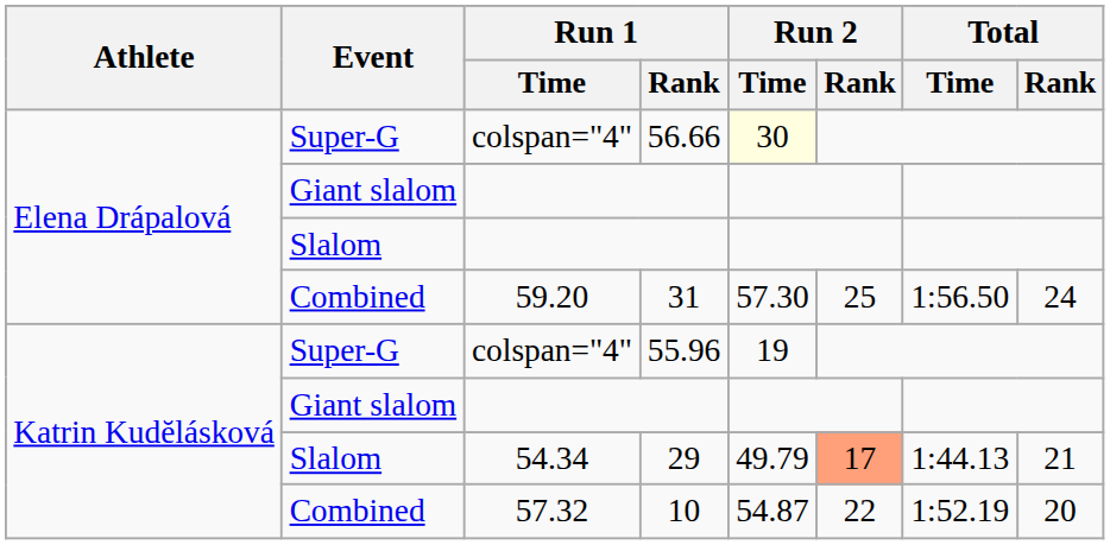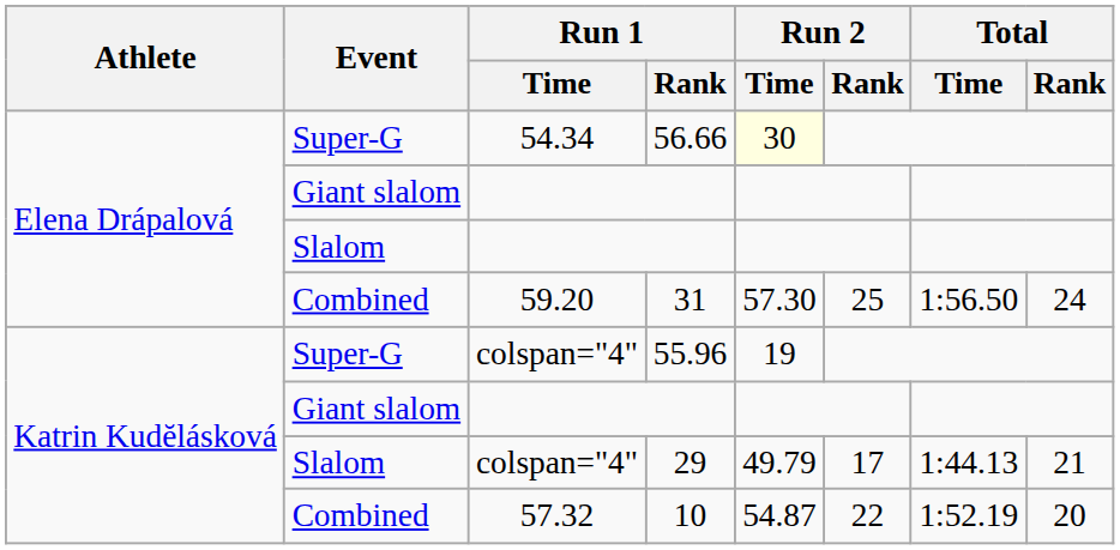 <table class="wikitable" style="font-size:90%">
 <tr>
 <th rowspan=2>Athlete</th>
 <th rowspan=2>Event</th>
 <th colspan=2>Run 1</th>
 <th colspan=2>Run 2</th>
 <th colspan=2>Total</th>
 </tr>
 <tr style="font-size:95%">
 <th>Time</th>
 <th>Rank</th>
 <th>Time</th>
 <th>Rank</th>
 <th>Time</th>
 <th>Rank</th>
 </tr>
 <tr align=center>
 <td align="left" rowspan="4"><a href='#'>Elena Drápalová</a></td>
 <td align="left"><a href='#'>Super-G</a></td>
-<td>colspan="4"</td>
+<td>54.34</td>
 <td>56.66</td>
 <td style="background: lightyellow;">30</td>
 </tr>
 <tr align=center>
 <td align="left"><a href='#'>Giant slalom</a></td>
 <td colspan="2"></td>
 <td colspan="2"></td>
 <td colspan="2"></td>
 </tr>
 <tr align=center>
 <td align="left"><a href='#'>Slalom</a></td>
 <td colspan="2"></td>
 <td colspan="2"></td>
 <td colspan="2"></td>
 </tr>
 <tr align=center>
 <td align="left"><a href='#'>Combined</a></td>
 <td>59.20</td>
 <td>31</td>
 <td>57.30</td>
 <td>25</td>
 <td>1:56.50</td>
 <td>24</td>
 </tr>
 <tr align=center>
 <td align="left" rowspan="4"><a href='#'>Katrin Kudĕlásková</a></td>
 <td align="left"><a href='#'>Super-G</a></td>
 <td>colspan="4" </td>
 <td>55.96</td>
 <td>19</td>
 </tr>
 <tr align=center>
 <td align="left"><a href='#'>Giant slalom</a></td>
 <td colspan="2"></td>
 <td colspan="2"></td>
 <td colspan="2"></td>
 </tr>
 <tr align=center>
 <td align="left"><a href='#'>Slalom</a></td>
-<td>54.34</td>
+<td>colspan="4"</td>
 <td>29</td>
 <td>49.79</td>
-<td style="background: lightsalmon;">17</td>
+<td>17</td>
 <td>1:44.13</td>
 <td>21</td>
 </tr>
 <tr align=center>
 <td align="left"><a href='#'>Combined</a></td>
 <td>57.32</td>
 <td>10</td>
 <td>54.87</td>
 <td>22</td>
 <td>1:52.19</td>
 <td>20</td>
 </tr>
 </table>
